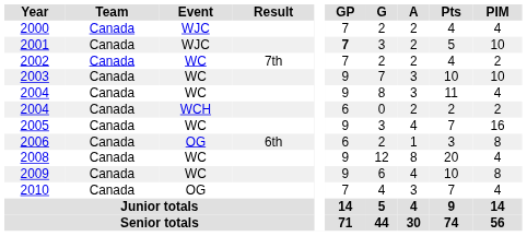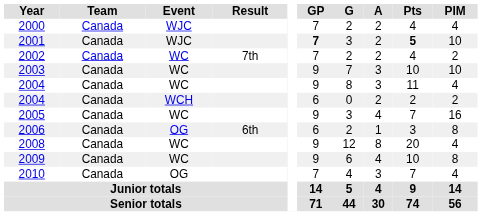 <table border="0" cellpadding="1" cellspacing="0" style="text-align:center; width:40em">
 <tr ALIGN="centre" bgcolor="#e0e0e0">
 <th>Year</th>
 <th>Team</th>
 <th>Event</th>
 <th>Result</th>
 <th rowspan="99" bgcolor="#ffffff"> </th>
 <th>GP</th>
 <th>G</th>
 <th>A</th>
 <th>Pts</th>
 <th>PIM</th>
 </tr>
 <tr>
 <td><a href='#'>2000</a></td>
 <td><a href='#'>Canada</a></td>
 <td><a href='#'>WJC</a></td>
 <td></td>
 <td>7</td>
 <td>2</td>
 <td>2</td>
 <td>4</td>
 <td>4</td>
 </tr>
 <tr bgcolor="#f0f0f0">
 <td><a href='#'>2001</a></td>
 <td>Canada</td>
 <td>WJC</td>
 <td></td>
 <td><strong>7</strong></td>
 <td>3</td>
 <td>2</td>
-<td>5</td>
+<td><strong>5</strong></td>
 <td>10</td>
 </tr>
 <tr>
 <td><a href='#'>2002</a></td>
 <td><a href='#'>Canada</a></td>
 <td><a href='#'>WC</a></td>
 <td>7th</td>
 <td>7</td>
 <td>2</td>
 <td>2</td>
 <td>4</td>
 <td>2</td>
 </tr>
 <tr bgcolor="#f0f0f0">
 <td><a href='#'>2003</a></td>
 <td>Canada</td>
 <td>WC</td>
 <td></td>
 <td>9</td>
 <td>7</td>
 <td>3</td>
 <td>10</td>
 <td>10</td>
 </tr>
 <tr>
 <td><a href='#'>2004</a></td>
 <td>Canada</td>
 <td>WC</td>
 <td></td>
 <td>9</td>
 <td>8</td>
 <td>3</td>
 <td>11</td>
 <td>4</td>
 </tr>
 <tr bgcolor="#f0f0f0">
 <td><a href='#'>2004</a></td>
 <td>Canada</td>
 <td><a href='#'>WCH</a></td>
 <td></td>
 <td>6</td>
 <td>0</td>
 <td>2</td>
 <td>2</td>
 <td>2</td>
 </tr>
 <tr>
 <td><a href='#'>2005</a></td>
 <td>Canada</td>
 <td>WC</td>
 <td></td>
 <td>9</td>
 <td>3</td>
 <td>4</td>
 <td>7</td>
 <td>16</td>
 </tr>
 <tr bgcolor="#f0f0f0">
 <td><a href='#'>2006</a></td>
 <td>Canada</td>
 <td><a href='#'>OG</a></td>
 <td>6th</td>
 <td>6</td>
 <td>2</td>
 <td>1</td>
 <td>3</td>
 <td>8</td>
 </tr>
 <tr>
 <td><a href='#'>2008</a></td>
 <td>Canada</td>
 <td>WC</td>
 <td></td>
 <td>9</td>
 <td>12</td>
 <td>8</td>
 <td>20</td>
 <td>4</td>
 </tr>
 <tr bgcolor="#f0f0f0">
 <td><a href='#'>2009</a></td>
 <td>Canada</td>
 <td>WC</td>
 <td></td>
 <td>9</td>
 <td>6</td>
 <td>4</td>
 <td>10</td>
 <td>8</td>
 </tr>
 <tr>
 <td><a href='#'>2010</a></td>
 <td>Canada</td>
 <td>OG</td>
 <td></td>
 <td>7</td>
 <td>4</td>
 <td>3</td>
 <td>7</td>
 <td>4</td>
 </tr>
 <tr bgcolor="#e0e0e0">
 <th colspan="4">Junior totals</th>
 <th>14</th>
 <th>5</th>
 <th>4</th>
 <th>9</th>
 <th>14</th>
 </tr>
 <tr bgcolor="#e0e0e0">
 <th colspan="4">Senior totals</th>
 <th>71</th>
 <th>44</th>
 <th>30</th>
 <th>74</th>
 <th>56</th>
 </tr>
 </table>
